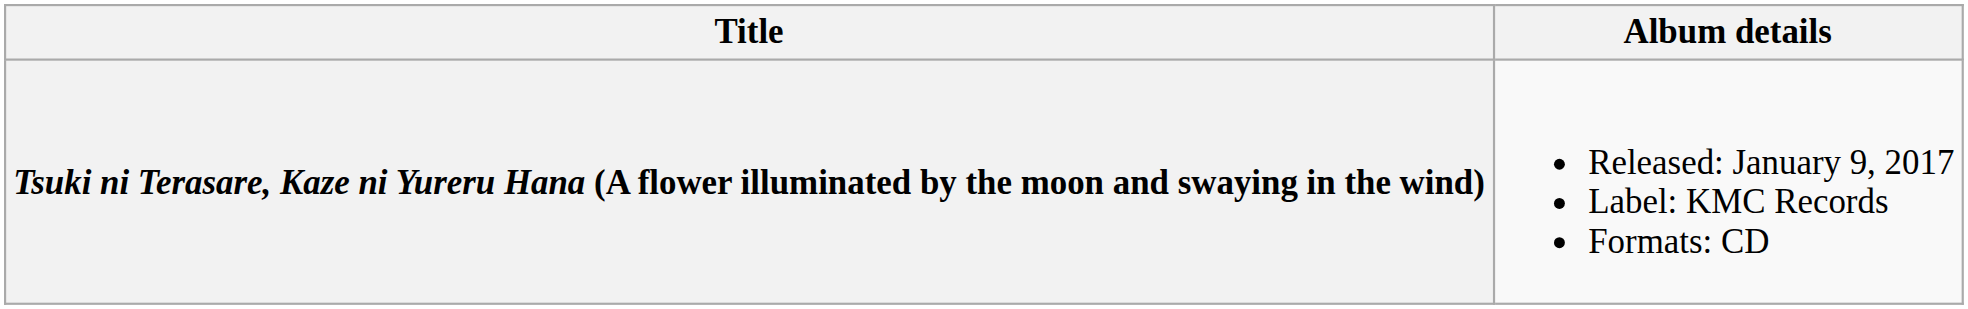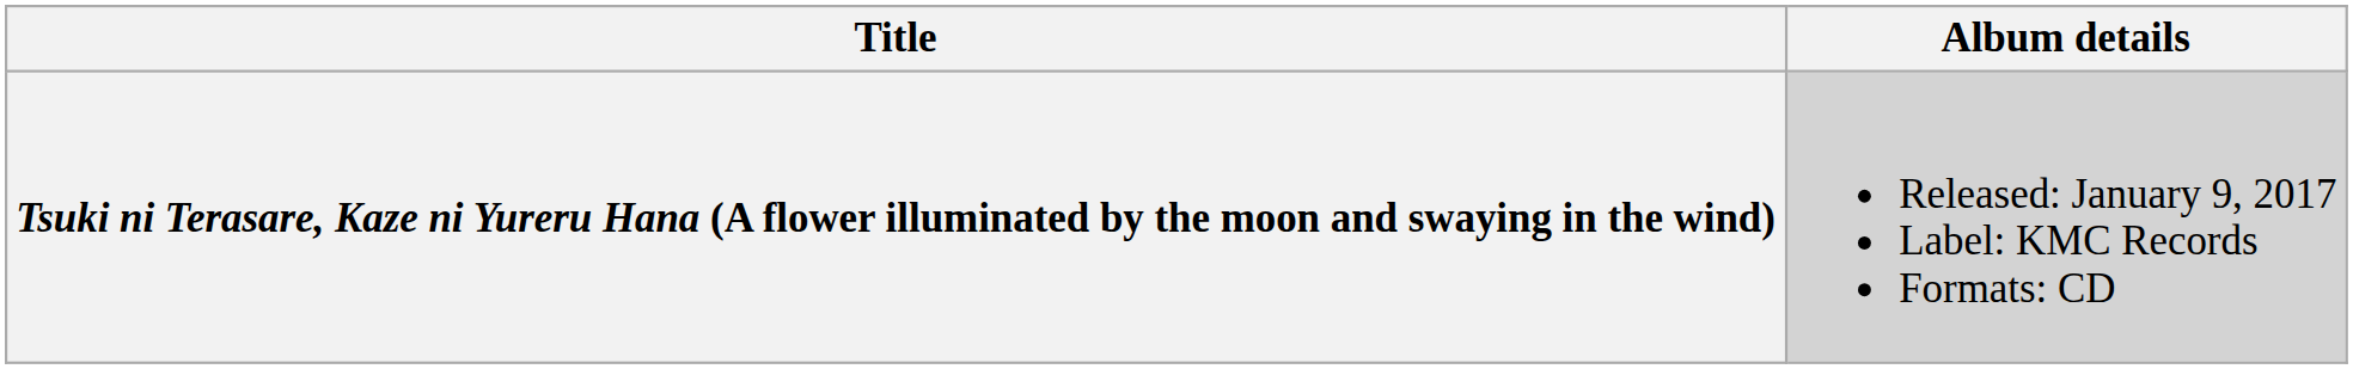 <table class="wikitable plainrowheaders">
 <tr>
 <th>Title</th>
 <th>Album details</th>
 </tr>
 <tr>
 <th scope="row"><em>Tsuki ni Terasare, Kaze ni Yureru Hana</em> (A flower illuminated by the moon and swaying in the wind) </th>
-<td><br><ul><li>Released: January 9, 2017</li><li>Label: KMC Records</li><li>Formats: CD</li></ul></td>
+<td style="background: lightgrey;"><br><ul><li>Released: January 9, 2017</li><li>Label: KMC Records</li><li>Formats: CD</li></ul></td>
 </tr>
 </table>
